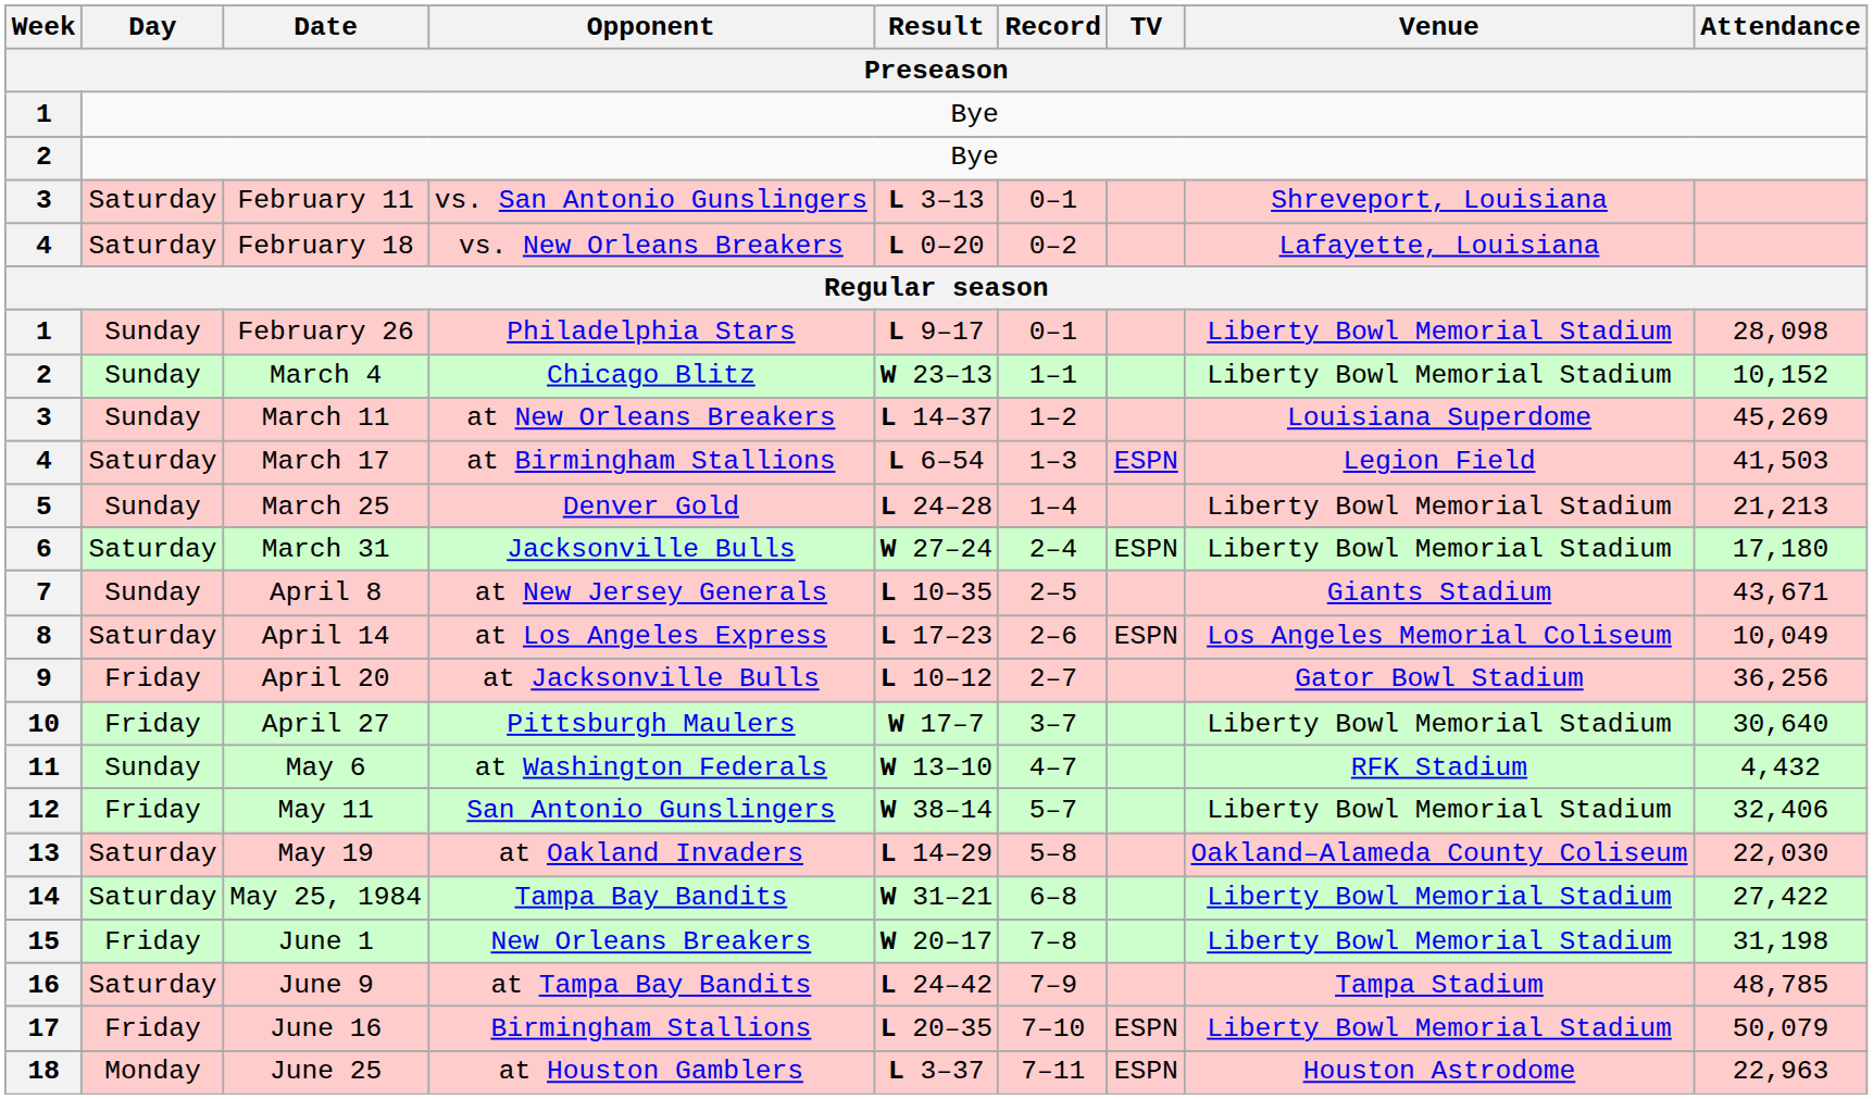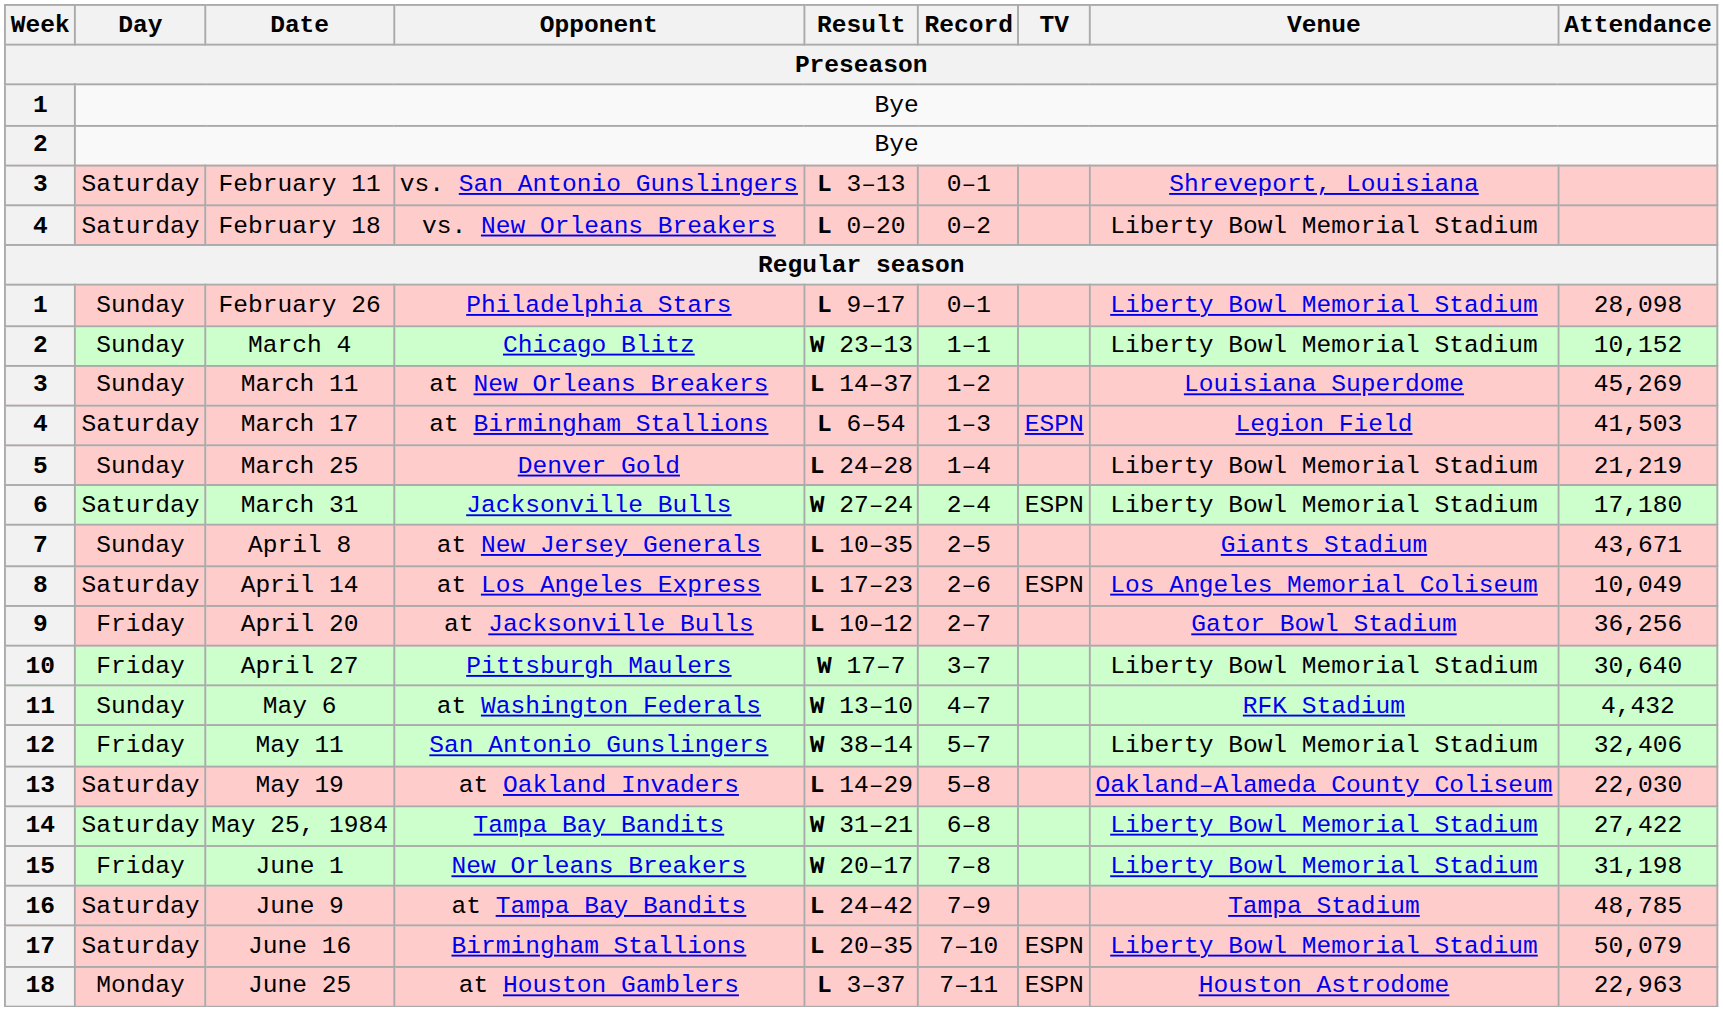 <table class="wikitable" style="text-align:center">
 <tr>
 <th>Week</th>
 <th>Day</th>
 <th>Date</th>
 <th>Opponent</th>
 <th>Result</th>
 <th>Record</th>
 <th>TV</th>
 <th>Venue</th>
 <th>Attendance</th>
 </tr>
 <tr>
 <th colspan="9">Preseason</th>
 </tr>
 <tr>
 <th>1</th>
 <td colspan=8>Bye</td>
 </tr>
 <tr>
 <th>2</th>
 <td colspan=8>Bye</td>
 </tr>
 <tr style="background:#fcc">
 <th>3</th>
 <td>Saturday</td>
 <td>February 11</td>
 <td>vs. <a href='#'>San Antonio Gunslingers</a></td>
 <td><strong>L</strong> 3–13</td>
 <td>0–1</td>
 <td></td>
 <td><a href='#'>Shreveport, Louisiana</a></td>
 <td></td>
 </tr>
 <tr style="background:#fcc">
 <th>4</th>
 <td>Saturday</td>
 <td>February 18</td>
 <td>vs. <a href='#'>New Orleans Breakers</a></td>
 <td><strong>L</strong> 0–20</td>
 <td>0–2</td>
 <td></td>
-<td><a href='#'>Lafayette, Louisiana</a></td>
+<td>Liberty Bowl Memorial Stadium</td>
 <td></td>
 </tr>
 <tr>
 <th colspan="9">Regular season</th>
 </tr>
 <tr style="background:#fcc">
 <th>1</th>
 <td>Sunday</td>
 <td>February 26</td>
 <td><a href='#'>Philadelphia Stars</a></td>
 <td><strong>L</strong> 9–17</td>
 <td>0–1</td>
 <td></td>
 <td><a href='#'>Liberty Bowl Memorial Stadium</a></td>
 <td>28,098</td>
 </tr>
 <tr style="background:#cfc">
 <th>2</th>
 <td>Sunday</td>
 <td>March 4</td>
 <td><a href='#'>Chicago Blitz</a></td>
 <td><strong>W</strong> 23–13</td>
 <td>1–1</td>
 <td></td>
 <td>Liberty Bowl Memorial Stadium</td>
 <td>10,152</td>
 </tr>
 <tr style="background:#fcc">
 <th>3</th>
 <td>Sunday</td>
 <td>March 11</td>
 <td>at <a href='#'>New Orleans Breakers</a></td>
 <td><strong>L</strong> 14–37</td>
 <td>1–2</td>
 <td></td>
 <td><a href='#'>Louisiana Superdome</a></td>
 <td>45,269</td>
 </tr>
 <tr style="background:#fcc">
 <th>4</th>
 <td>Saturday</td>
 <td>March 17</td>
 <td>at <a href='#'>Birmingham Stallions</a></td>
 <td><strong>L</strong> 6–54</td>
 <td>1–3</td>
 <td><a href='#'>ESPN</a></td>
 <td><a href='#'>Legion Field</a></td>
 <td>41,503</td>
 </tr>
 <tr style="background:#fcc">
 <th>5</th>
 <td>Sunday</td>
 <td>March 25</td>
 <td><a href='#'>Denver Gold</a></td>
 <td><strong>L</strong> 24–28</td>
 <td>1–4</td>
 <td></td>
 <td>Liberty Bowl Memorial Stadium</td>
-<td>21,213</td>
+<td>21,219</td>
 </tr>
 <tr style="background:#cfc">
 <th>6</th>
 <td>Saturday</td>
 <td>March 31</td>
 <td><a href='#'>Jacksonville Bulls</a></td>
 <td><strong>W</strong> 27–24</td>
 <td>2–4</td>
 <td>ESPN</td>
 <td>Liberty Bowl Memorial Stadium</td>
 <td>17,180</td>
 </tr>
 <tr style="background:#fcc">
 <th>7</th>
 <td>Sunday</td>
 <td>April 8</td>
 <td>at <a href='#'>New Jersey Generals</a></td>
 <td><strong>L</strong> 10–35</td>
 <td>2–5</td>
 <td></td>
 <td><a href='#'>Giants Stadium</a></td>
 <td>43,671</td>
 </tr>
 <tr style="background:#fcc">
 <th>8</th>
 <td>Saturday</td>
 <td>April 14</td>
 <td>at <a href='#'>Los Angeles Express</a></td>
 <td><strong>L</strong> 17–23 </td>
 <td>2–6</td>
 <td>ESPN</td>
 <td><a href='#'>Los Angeles Memorial Coliseum</a></td>
 <td>10,049</td>
 </tr>
 <tr style="background:#fcc">
 <th>9</th>
 <td>Friday</td>
 <td>April 20</td>
 <td>at <a href='#'>Jacksonville Bulls</a></td>
 <td><strong>L</strong> 10–12</td>
 <td>2–7</td>
 <td></td>
 <td><a href='#'>Gator Bowl Stadium</a></td>
 <td>36,256</td>
 </tr>
 <tr style="background:#cfc">
 <th>10</th>
 <td>Friday</td>
 <td>April 27</td>
 <td><a href='#'>Pittsburgh Maulers</a></td>
 <td><strong>W</strong> 17–7</td>
 <td>3–7</td>
 <td></td>
 <td>Liberty Bowl Memorial Stadium</td>
 <td>30,640</td>
 </tr>
 <tr style="background:#cfc">
 <th>11</th>
 <td>Sunday</td>
 <td>May 6</td>
 <td>at <a href='#'>Washington Federals</a></td>
 <td><strong>W</strong> 13–10 </td>
 <td>4–7</td>
 <td></td>
 <td><a href='#'>RFK Stadium</a></td>
 <td>4,432</td>
 </tr>
 <tr style="background:#cfc">
 <th>12</th>
 <td>Friday</td>
 <td>May 11</td>
 <td><a href='#'>San Antonio Gunslingers</a></td>
 <td><strong>W</strong> 38–14</td>
 <td>5–7</td>
 <td></td>
 <td>Liberty Bowl Memorial Stadium</td>
 <td>32,406</td>
 </tr>
 <tr style="background:#fcc">
 <th>13</th>
 <td>Saturday</td>
 <td>May 19</td>
 <td>at <a href='#'>Oakland Invaders</a></td>
 <td><strong>L</strong> 14–29</td>
 <td>5–8</td>
 <td></td>
 <td><a href='#'>Oakland–Alameda County Coliseum</a></td>
 <td>22,030</td>
 </tr>
 <tr style="background:#cfc">
 <th>14</th>
 <td>Saturday</td>
 <td>May 25, 1984</td>
 <td><a href='#'>Tampa Bay Bandits</a></td>
 <td><strong>W</strong> 31–21</td>
 <td>6–8</td>
 <td></td>
 <td><a href='#'>Liberty Bowl Memorial Stadium</a></td>
 <td>27,422</td>
 </tr>
 <tr style="background:#cfc">
 <th>15</th>
 <td>Friday</td>
 <td>June 1</td>
 <td><a href='#'>New Orleans Breakers</a></td>
 <td><strong>W</strong> 20–17</td>
 <td>7–8</td>
 <td></td>
 <td><a href='#'>Liberty Bowl Memorial Stadium</a></td>
 <td>31,198</td>
 </tr>
 <tr style="background:#fcc">
 <th>16</th>
 <td>Saturday</td>
 <td>June 9</td>
 <td>at <a href='#'>Tampa Bay Bandits</a></td>
 <td><strong>L</strong> 24–42</td>
 <td>7–9</td>
 <td></td>
 <td><a href='#'>Tampa Stadium</a></td>
 <td>48,785</td>
 </tr>
 <tr style="background:#fcc">
 <th>17</th>
-<td>Friday</td>
+<td>Saturday</td>
 <td>June 16</td>
 <td><a href='#'>Birmingham Stallions</a></td>
 <td><strong>L</strong> 20–35</td>
 <td>7–10</td>
 <td>ESPN</td>
 <td><a href='#'>Liberty Bowl Memorial Stadium</a></td>
 <td>50,079</td>
 </tr>
 <tr style="background:#fcc">
 <th>18</th>
 <td>Monday</td>
 <td>June 25</td>
 <td>at <a href='#'>Houston Gamblers</a></td>
 <td><strong>L</strong> 3–37</td>
 <td>7–11</td>
 <td>ESPN</td>
 <td><a href='#'>Houston Astrodome</a></td>
 <td>22,963</td>
 </tr>
 </table>
